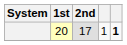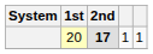 <table class="wikitable" style="font-size:85%; text-align:center;">
 <tr>
 <th>System</th>
 <th>1st</th>
 <th>2nd</th>
 <th></th>
 <th></th>
 </tr>
 <tr>
 <th></th>
 <td style="background:#ffffbf;">20</td>
-<td style="background:#dfdfdf;">17</td>
+<td style="background:#dfdfdf;"><strong>17</strong></td>
 <td>1</td>
-<td><strong>1</strong></td>
+<td>1</td>
 </tr>
 <tr>
 </tr>
 </table>
